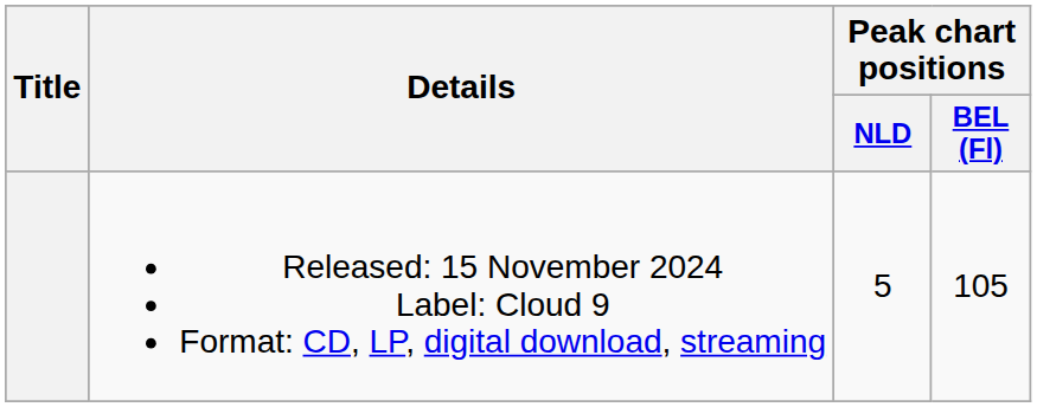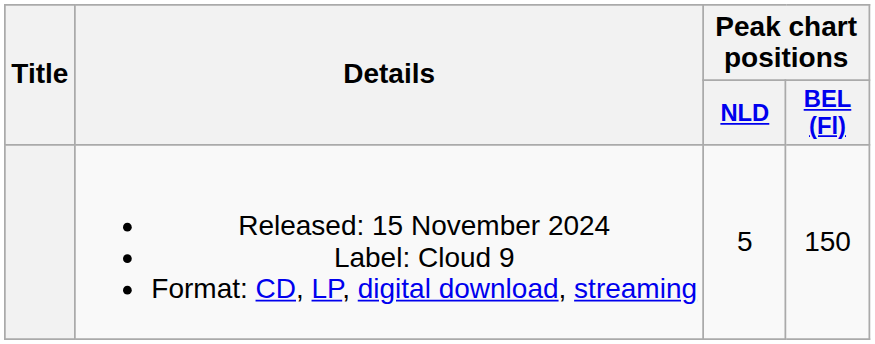 <table class="wikitable plainrowheaders" style="text-align:center;">
 <tr>
 <th scope="col" rowspan="2">Title</th>
 <th scope="col" rowspan="2">Details</th>
 <th scope="col" colspan="2">Peak chart positions</th>
 </tr>
 <tr>
 <th scope="col" style="width:3em;font-size:85%;"><a href='#'>NLD</a><br></th>
 <th scope="col" style="width:3em;font-size:85%;"><a href='#'>BEL<br>(Fl)</a><br></th>
 </tr>
 <tr>
 <th scope="row"></th>
 <td><br><ul><li>Released: 15 November 2024</li><li>Label: Cloud 9</li><li>Format: <a href='#'>CD</a>, <a href='#'>LP</a>, <a href='#'>digital download</a>, <a href='#'>streaming</a></li></ul></td>
 <td>5</td>
-<td>105</td>
+<td>150</td>
 </tr>
 </table>
